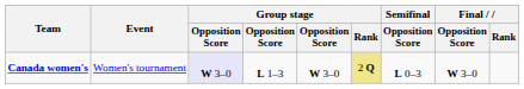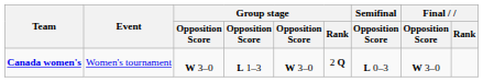 <table class="wikitable" style="text-align:center; font-size:90%">
 <tr>
 <th rowspan=2>Team</th>
 <th rowspan=2>Event</th>
 <th colspan=4>Group stage</th>
 <th>Semifinal</th>
 <th colspan=2>Final /  / </th>
 </tr>
 <tr style="font-size:95%">
 <th>Opposition<br>Score</th>
 <th>Opposition<br>Score</th>
 <th>Opposition<br>Score</th>
 <th>Rank</th>
 <th>Opposition<br>Score</th>
 <th>Opposition<br>Score</th>
 <th>Rank</th>
 </tr>
 <tr>
 <td align=left><strong><a href='#'>Canada women's</a></strong></td>
 <td align=left><a href='#'>Women's tournament</a></td>
-<td style="background: lavender;"><br><strong>W</strong> 3–0</td>
+<td><br><strong>W</strong> 3–0</td>
 <td><br><strong>L</strong> 1–3</td>
 <td><br><strong>W</strong> 3–0</td>
-<td style="background: khaki;">2 <strong>Q</strong></td>
+<td>2 <strong>Q</strong></td>
 <td><br><strong>L</strong> 0–3</td>
 <td><br><strong>W</strong> 3–0</td>
 <td></td>
 </tr>
 </table>
